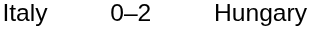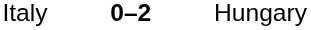 <table style="text-align:center">
 <tr>
 <th width=200></th>
 <th width=100></th>
 <th width=200></th>
 </tr>
 <tr>
 <td align=right>Italy</td>
-<td>0–2</td>
+<td><strong>0–2</strong></td>
 <td align=left>Hungary</td>
 </tr>
 <tr>
 </tr>
 </table>
